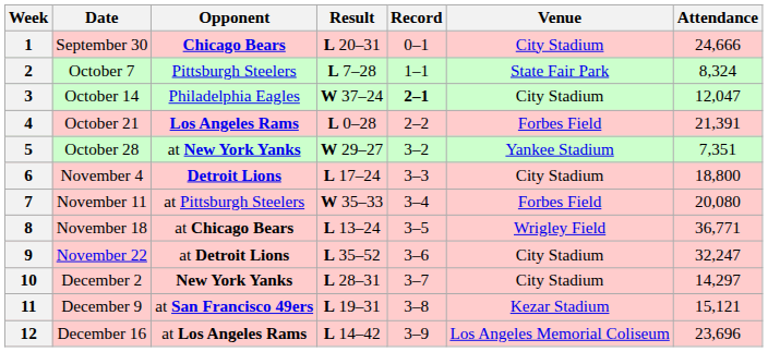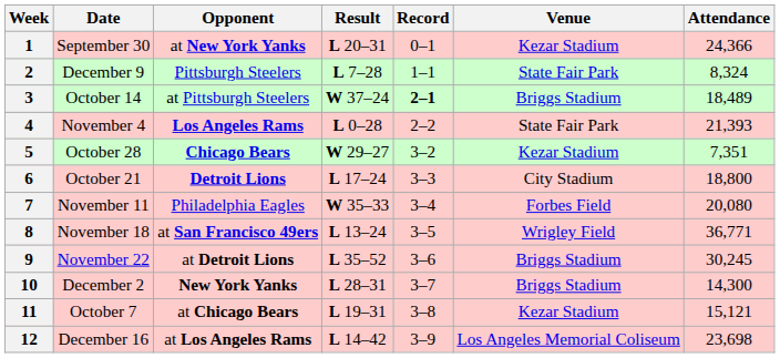 <table class="wikitable" style="text-align:center">
 <tr>
 <th>Week</th>
 <th>Date</th>
 <th>Opponent</th>
 <th>Result</th>
 <th>Record</th>
 <th>Venue</th>
 <th>Attendance</th>
 </tr>
 <tr style="background:#fcc">
 <th>1</th>
 <td>September 30</td>
-<td><strong><a href='#'>Chicago Bears</a></strong></td>
+<td>at <strong><a href='#'>New York Yanks</a></strong></td>
 <td><strong>L</strong> 20–31</td>
 <td>0–1</td>
-<td><a href='#'>City Stadium</a></td>
-<td>24,666</td>
+<td><a href='#'>Kezar Stadium</a></td>
+<td>24,366</td>
 </tr>
 <tr style="background:#cfc">
 <th>2</th>
-<td>October 7</td>
+<td>December 9</td>
 <td><a href='#'>Pittsburgh Steelers</a></td>
 <td><strong>L</strong> 7–28</td>
 <td>1–1</td>
 <td><a href='#'>State Fair Park</a></td>
 <td>8,324</td>
 </tr>
 <tr style="background:#cfc">
 <th>3</th>
 <td>October 14</td>
-<td><a href='#'>Philadelphia Eagles</a></td>
+<td>at <a href='#'>Pittsburgh Steelers</a></td>
 <td><strong>W</strong> 37–24</td>
 <td><strong>2–1</strong></td>
-<td>City Stadium</td>
-<td>12,047</td>
+<td><a href='#'>Briggs Stadium</a></td>
+<td>18,489</td>
 </tr>
 <tr style="background:#fcc">
 <th>4</th>
-<td>October 21</td>
+<td>November 4</td>
 <td><strong><a href='#'>Los Angeles Rams</a></strong></td>
 <td><strong>L</strong> 0–28</td>
 <td>2–2</td>
-<td><a href='#'>Forbes Field</a></td>
-<td>21,391</td>
+<td>State Fair Park</td>
+<td>21,393</td>
 </tr>
 <tr style="background:#cfc">
 <th>5</th>
 <td>October 28</td>
-<td>at <strong><a href='#'>New York Yanks</a></strong></td>
+<td><strong><a href='#'>Chicago Bears</a></strong></td>
 <td><strong>W</strong> 29–27</td>
 <td>3–2</td>
-<td><a href='#'>Yankee Stadium</a></td>
+<td><a href='#'>Kezar Stadium</a></td>
 <td>7,351</td>
 </tr>
 <tr style="background:#fcc">
 <th>6</th>
-<td>November 4</td>
+<td>October 21</td>
 <td><strong><a href='#'>Detroit Lions</a></strong></td>
 <td><strong>L</strong> 17–24</td>
 <td>3–3</td>
 <td>City Stadium</td>
 <td>18,800</td>
 </tr>
 <tr style="background:#fcc">
 <th>7</th>
 <td>November 11</td>
-<td>at <a href='#'>Pittsburgh Steelers</a></td>
+<td><a href='#'>Philadelphia Eagles</a></td>
 <td><strong>W</strong> 35–33</td>
 <td>3–4</td>
 <td><a href='#'>Forbes Field</a></td>
 <td>20,080</td>
 </tr>
 <tr style="background:#fcc">
 <th>8</th>
 <td>November 18</td>
-<td>at <strong>Chicago Bears</strong></td>
+<td>at <strong><a href='#'>San Francisco 49ers</a></strong></td>
 <td><strong>L</strong> 13–24</td>
 <td>3–5</td>
 <td><a href='#'>Wrigley Field</a></td>
 <td>36,771</td>
 </tr>
 <tr style="background:#fcc">
 <th>9</th>
 <td><a href='#'>November 22</a></td>
 <td>at <strong>Detroit Lions</strong></td>
 <td><strong>L</strong> 35–52</td>
 <td>3–6</td>
-<td>City Stadium</td>
-<td>32,247</td>
+<td><a href='#'>Briggs Stadium</a></td>
+<td>30,245</td>
 </tr>
 <tr style="background:#fcc">
 <th>10</th>
 <td>December 2</td>
 <td><strong>New York Yanks</strong></td>
 <td><strong>L</strong> 28–31</td>
 <td>3–7</td>
-<td>City Stadium</td>
-<td>14,297</td>
+<td><a href='#'>Briggs Stadium</a></td>
+<td>14,300</td>
 </tr>
 <tr style="background:#fcc">
 <th>11</th>
-<td>December 9</td>
-<td>at <strong><a href='#'>San Francisco 49ers</a></strong></td>
+<td>October 7</td>
+<td>at <strong>Chicago Bears</strong></td>
 <td><strong>L</strong> 19–31</td>
 <td>3–8</td>
 <td><a href='#'>Kezar Stadium</a></td>
 <td>15,121</td>
 </tr>
 <tr style="background:#fcc">
 <th>12</th>
 <td>December 16</td>
 <td>at <strong>Los Angeles Rams</strong></td>
 <td><strong>L</strong> 14–42</td>
 <td>3–9</td>
 <td><a href='#'>Los Angeles Memorial Coliseum</a></td>
-<td>23,696</td>
+<td>23,698</td>
 </tr>
 </table>
